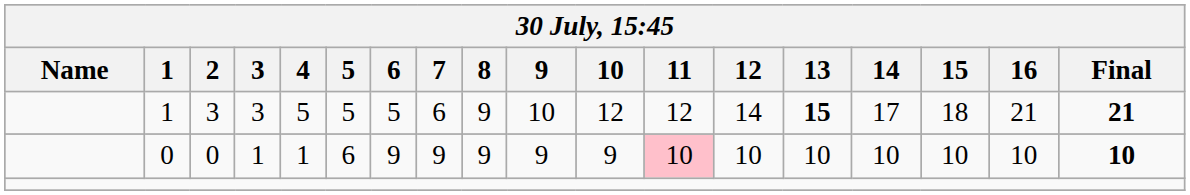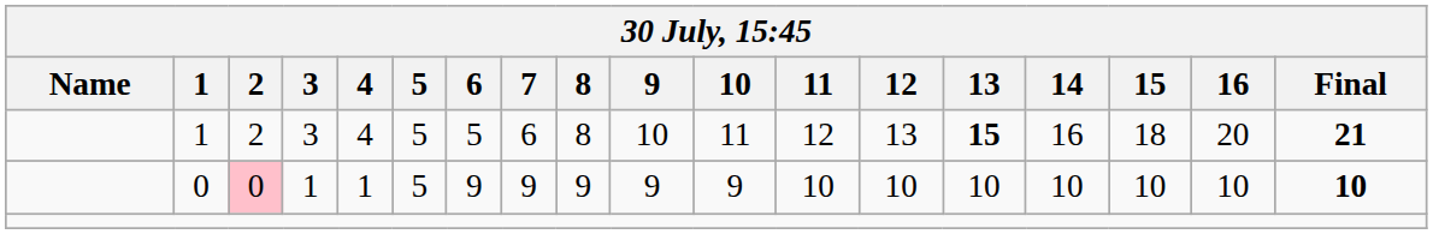 <table class=wikitable style="text-align:center; width: 55%">
 <tr>
 <th colspan=18><em>30 July, 15:45</em></th>
 </tr>
 <tr>
 <th>Name</th>
 <th>1</th>
 <th>2</th>
 <th>3</th>
 <th>4</th>
 <th>5</th>
 <th>6</th>
 <th>7</th>
 <th>8</th>
 <th>9</th>
 <th>10</th>
 <th>11</th>
 <th>12</th>
 <th>13</th>
 <th>14</th>
 <th>15</th>
 <th>16</th>
 <th>Final</th>
 </tr>
 <tr>
 <td align=left><strong></strong></td>
 <td>1</td>
+<td>2</td>
 <td>3</td>
-<td>3</td>
-<td>5</td>
+<td>4</td>
 <td>5</td>
 <td>5</td>
 <td>6</td>
-<td>9</td>
+<td>8</td>
 <td>10</td>
+<td>11</td>
 <td>12</td>
-<td>12</td>
-<td>14</td>
+<td>13</td>
 <td><strong>15</strong></td>
-<td>17</td>
+<td>16</td>
 <td>18</td>
-<td>21</td>
+<td>20</td>
 <td><strong>21</strong></td>
 </tr>
 <tr>
 <td align=left></td>
 <td>0</td>
-<td>0</td>
+<td style="background: pink;">0</td>
 <td>1</td>
 <td>1</td>
-<td>6</td>
+<td>5</td>
 <td>9</td>
 <td>9</td>
 <td>9</td>
 <td>9</td>
 <td>9</td>
-<td style="background: pink;">10</td>
+<td>10</td>
 <td>10</td>
 <td>10</td>
 <td>10</td>
 <td>10</td>
 <td>10</td>
 <td><strong>10</strong></td>
 </tr>
 <tr>
 <td colspan=18></td>
 </tr>
 </table>
